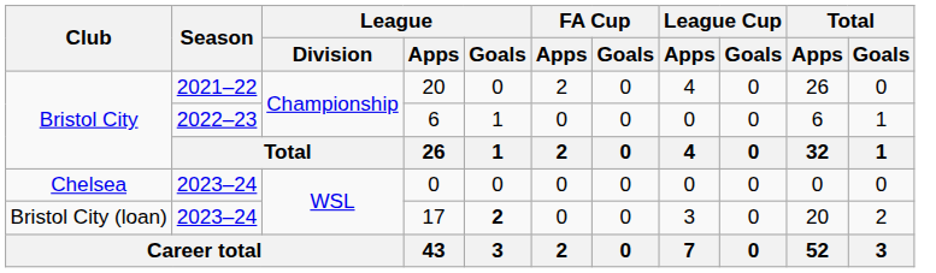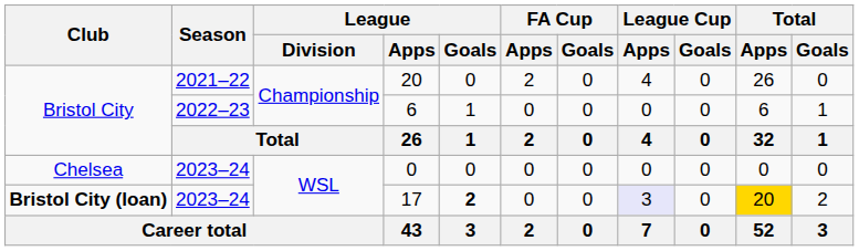 <table class="wikitable" style="text-align:center">
 <tr>
 <th rowspan="2">Club</th>
 <th rowspan="2">Season</th>
 <th colspan="3">League</th>
 <th colspan="2">FA Cup</th>
 <th colspan="2">League Cup</th>
 <th colspan="2">Total</th>
 </tr>
 <tr>
 <th>Division</th>
 <th>Apps</th>
 <th>Goals</th>
 <th>Apps</th>
 <th>Goals</th>
 <th>Apps</th>
 <th>Goals</th>
 <th>Apps</th>
 <th>Goals</th>
 </tr>
 <tr>
 <td rowspan="3"><a href='#'>Bristol City</a></td>
 <td><a href='#'>2021–22</a></td>
 <td rowspan="2"><a href='#'>Championship</a></td>
 <td>20</td>
 <td>0</td>
 <td>2</td>
 <td>0</td>
 <td>4</td>
 <td>0</td>
 <td>26</td>
 <td>0</td>
 </tr>
 <tr>
 <td><a href='#'>2022–23</a></td>
 <td>6</td>
 <td>1</td>
 <td>0</td>
 <td>0</td>
 <td>0</td>
 <td>0</td>
 <td>6</td>
 <td>1</td>
 </tr>
 <tr>
 <th colspan="2">Total</th>
 <th>26</th>
 <th>1</th>
 <th>2</th>
 <th>0</th>
 <th>4</th>
 <th>0</th>
 <th>32</th>
 <th>1</th>
 </tr>
 <tr>
 <td><a href='#'>Chelsea</a></td>
 <td><a href='#'>2023–24</a></td>
 <td rowspan="2"><a href='#'>WSL</a></td>
 <td>0</td>
 <td>0</td>
 <td>0</td>
 <td>0</td>
 <td>0</td>
 <td>0</td>
 <td>0</td>
 <td>0</td>
 </tr>
 <tr>
-<td>Bristol City (loan)</td>
+<td><strong>Bristol City (loan)</strong></td>
 <td><a href='#'>2023–24</a></td>
 <td>17</td>
 <td><strong>2</strong></td>
 <td>0</td>
 <td>0</td>
-<td>3</td>
+<td style="background: lavender;">3</td>
 <td>0</td>
-<td>20</td>
+<td style="background: gold;">20</td>
 <td>2</td>
 </tr>
 <tr>
 <th colspan="3">Career total</th>
 <th>43</th>
 <th>3</th>
 <th>2</th>
 <th>0</th>
 <th>7</th>
 <th>0</th>
 <th>52</th>
 <th>3</th>
 </tr>
 </table>
